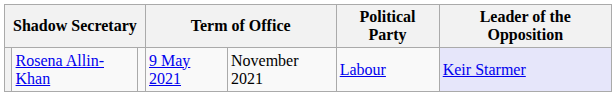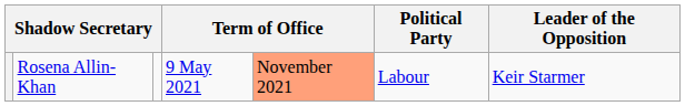 <table class="wikitable">
 <tr>
 <th colspan="3">Shadow Secretary</th>
 <th colspan="2">Term of Office</th>
 <th>Political Party</th>
 <th>Leader of the Opposition</th>
 </tr>
 <tr>
 <th style="background-color: "></th>
 <td><a href='#'>Rosena Allin-Khan</a> </td>
 <td></td>
 <td><a href='#'>9 May 2021</a></td>
-<td>November 2021</td>
+<td style="background: lightsalmon;">November 2021</td>
 <td><a href='#'>Labour</a></td>
-<td style="background: lavender;"><a href='#'>Keir Starmer</a></td>
+<td><a href='#'>Keir Starmer</a></td>
 </tr>
 </table>
